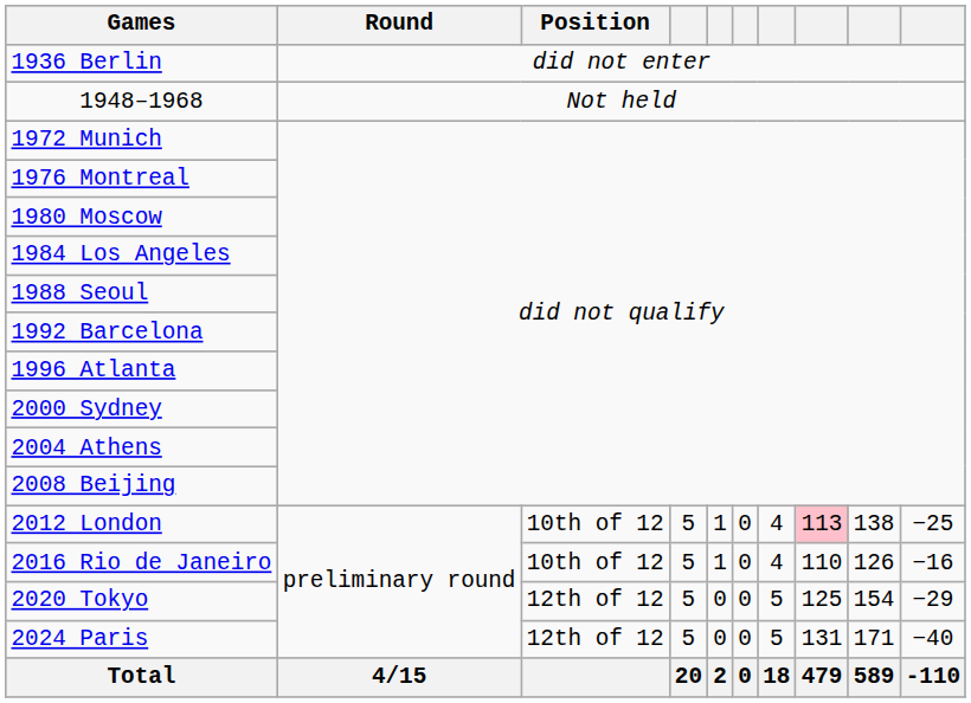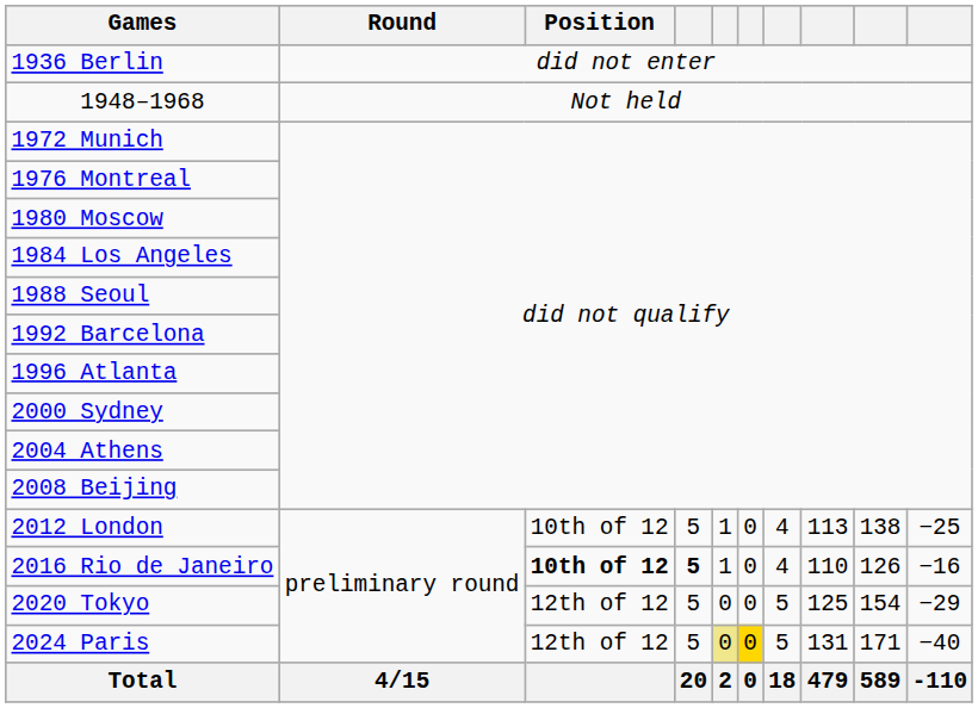 <table class="wikitable" style="text-align:center; font-size:90%;">
 <tr>
 <th>Games</th>
 <th>Round</th>
 <th>Position</th>
 <th></th>
 <th></th>
 <th></th>
 <th></th>
 <th></th>
 <th></th>
 <th></th>
 </tr>
 <tr>
 <td align=left> <a href='#'>1936 Berlin</a></td>
 <td colspan=9><em>did not enter</em></td>
 </tr>
 <tr>
 <td>1948–1968</td>
 <td colspan=9><em>Not held</em></td>
 </tr>
 <tr>
 <td align=left> <a href='#'>1972 Munich</a></td>
 <td rowspan=10 colspan=9><em>did not qualify</em></td>
 </tr>
 <tr>
 <td align=left> <a href='#'>1976 Montreal</a></td>
 </tr>
 <tr>
 <td align=left> <a href='#'>1980 Moscow</a></td>
 </tr>
 <tr>
 <td align=left> <a href='#'>1984 Los Angeles</a></td>
 </tr>
 <tr>
 <td align=left> <a href='#'>1988 Seoul</a></td>
 </tr>
 <tr>
 <td align=left> <a href='#'>1992 Barcelona</a></td>
 </tr>
 <tr>
 <td align=left> <a href='#'>1996 Atlanta</a></td>
 </tr>
 <tr>
 <td align=left> <a href='#'>2000 Sydney</a></td>
 </tr>
 <tr>
 <td align=left> <a href='#'>2004 Athens</a></td>
 </tr>
 <tr>
 <td align=left> <a href='#'>2008 Beijing</a></td>
 </tr>
 <tr>
 <td align=left> <a href='#'>2012 London</a></td>
 <td rowspan=4>preliminary round</td>
 <td>10th of 12</td>
 <td>5</td>
 <td>1</td>
 <td>0</td>
 <td>4</td>
-<td style="background: pink;">113</td>
+<td>113</td>
 <td>138</td>
 <td>−25</td>
 </tr>
 <tr>
 <td align=left> <a href='#'>2016 Rio de Janeiro</a></td>
-<td>10th of 12</td>
-<td>5</td>
+<td><strong>10th of 12</strong></td>
+<td><strong>5</strong></td>
 <td>1</td>
 <td>0</td>
 <td>4</td>
 <td>110</td>
 <td>126</td>
 <td>−16</td>
 </tr>
 <tr>
 <td align=left> <a href='#'>2020 Tokyo</a></td>
 <td>12th of 12</td>
 <td>5</td>
 <td>0</td>
 <td>0</td>
 <td>5</td>
 <td>125</td>
 <td>154</td>
 <td>−29</td>
 </tr>
 <tr>
 <td align=left> <a href='#'>2024 Paris</a></td>
 <td>12th of 12</td>
 <td>5</td>
-<td>0</td>
-<td>0</td>
+<td style="background: khaki;">0</td>
+<td style="background: gold;">0</td>
 <td>5</td>
 <td>131</td>
 <td>171</td>
 <td>−40</td>
 </tr>
 <tr>
 <th>Total</th>
 <th>4/15</th>
 <th></th>
 <th>20</th>
 <th>2</th>
 <th>0</th>
 <th>18</th>
 <th>479</th>
 <th>589</th>
 <th>-110</th>
 </tr>
 </table>
